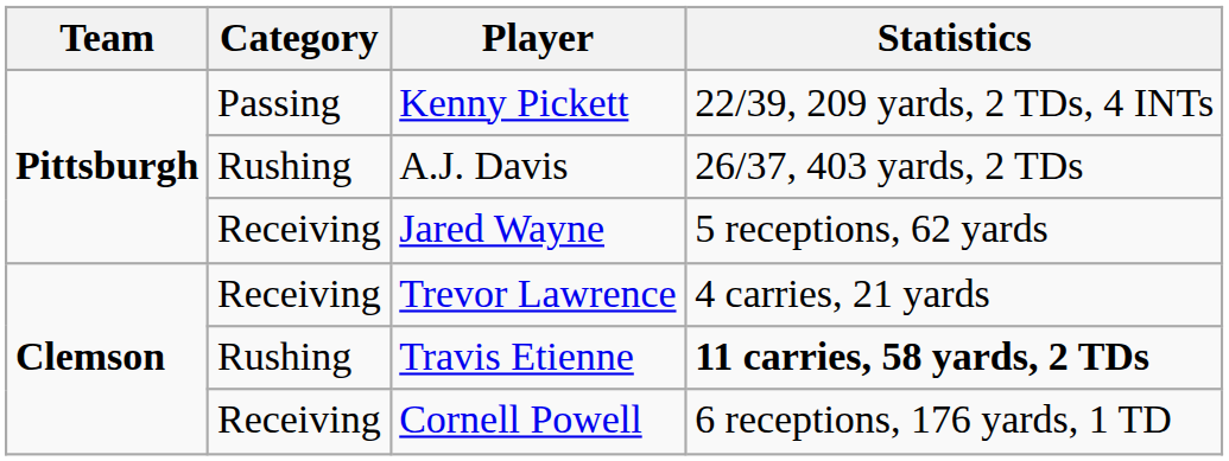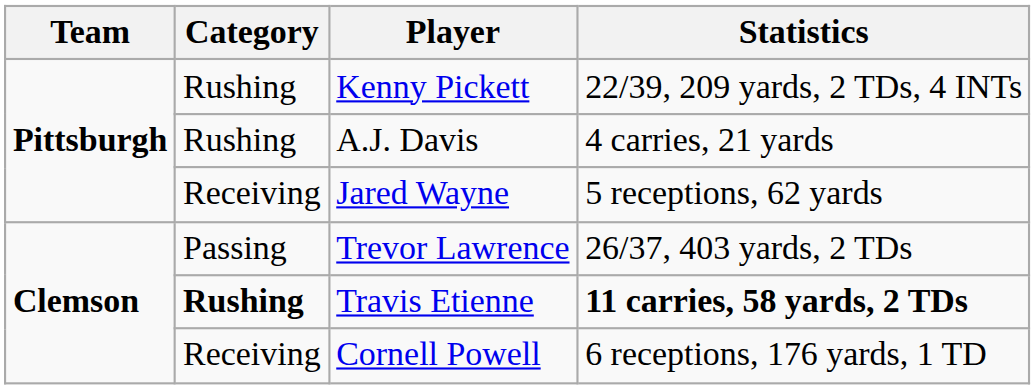 <table class="wikitable" style="float: left;">
 <tr>
 <th>Team</th>
 <th>Category</th>
 <th>Player</th>
 <th>Statistics</th>
 </tr>
 <tr>
 <td rowspan=3><strong>Pittsburgh</strong></td>
-<td>Passing</td>
+<td>Rushing</td>
 <td><a href='#'>Kenny Pickett</a></td>
 <td>22/39, 209 yards, 2 TDs, 4 INTs</td>
 </tr>
 <tr>
 <td>Rushing</td>
 <td>A.J. Davis</td>
-<td>26/37, 403 yards, 2 TDs</td>
+<td>4 carries, 21 yards</td>
 </tr>
 <tr>
 <td>Receiving</td>
 <td><a href='#'>Jared Wayne</a></td>
 <td>5 receptions, 62 yards</td>
 </tr>
 <tr>
 <td rowspan=3><strong>Clemson</strong></td>
-<td>Receiving</td>
+<td>Passing</td>
 <td><a href='#'>Trevor Lawrence</a></td>
-<td>4 carries, 21 yards</td>
+<td>26/37, 403 yards, 2 TDs</td>
 </tr>
 <tr>
-<td>Rushing</td>
+<td><strong>Rushing</strong></td>
 <td><a href='#'>Travis Etienne</a></td>
 <td><strong>11 carries, 58 yards, 2 TDs</strong></td>
 </tr>
 <tr>
 <td>Receiving</td>
 <td><a href='#'>Cornell Powell</a></td>
 <td>6 receptions, 176 yards, 1 TD</td>
 </tr>
 </table>
